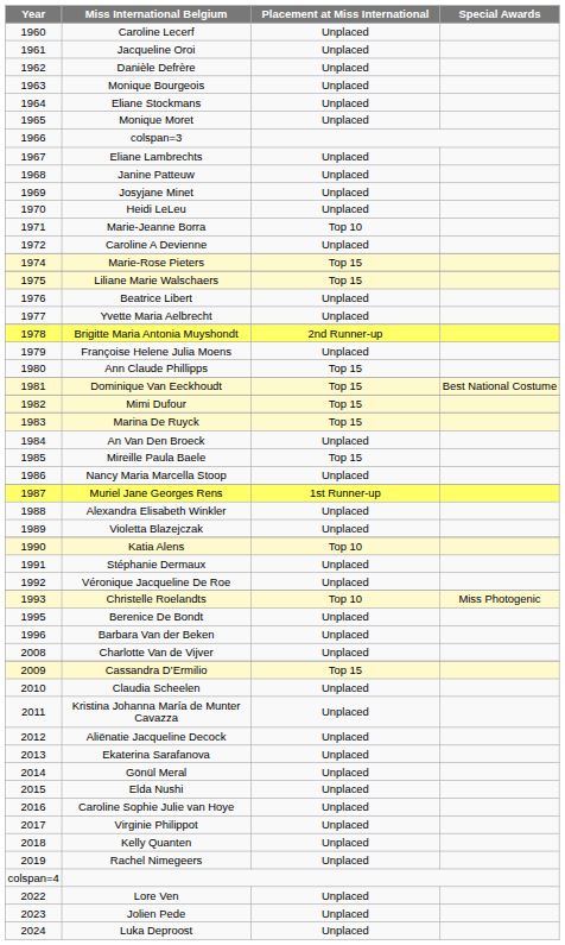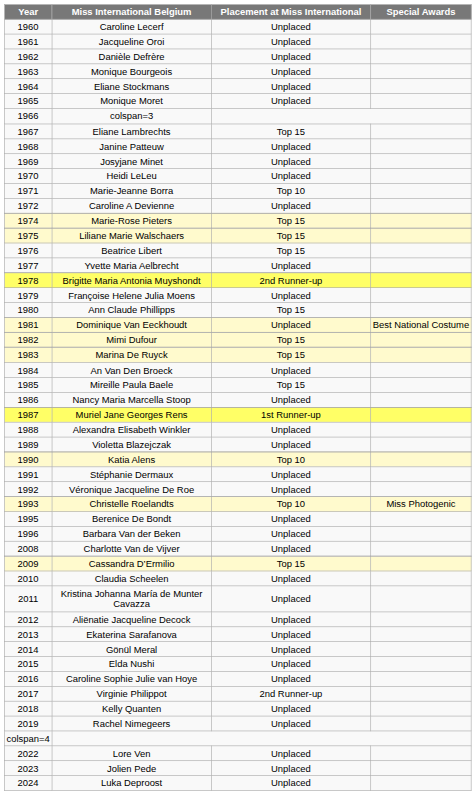 <table class="wikitable sortable" style="font-size: 95%; text-align:center">
 <tr>
 <th width="60" style="background-color:#787878;color:#FFFFFF;">Year</th>
 <th width="250" style="background-color:#787878;color:#FFFFFF;">Miss International Belgium</th>
 <th width="250" style="background-color:#787878;color:#FFFFFF;">Placement at Miss International</th>
 <th style="background-color:#787878;color:#FFFFFF;">Special Awards</th>
 </tr>
 <tr>
 <td>1960</td>
 <td>Caroline Lecerf</td>
 <td>Unplaced</td>
 <td></td>
 </tr>
 <tr>
 <td>1961</td>
 <td>Jacqueline Oroi</td>
 <td>Unplaced</td>
 <td></td>
 </tr>
 <tr>
 <td>1962</td>
 <td>Danièle Defrère</td>
 <td>Unplaced</td>
 <td></td>
 </tr>
 <tr>
 <td>1963</td>
 <td>Monique Bourgeois</td>
 <td>Unplaced</td>
 <td></td>
 </tr>
 <tr>
 <td>1964</td>
 <td>Eliane Stockmans</td>
 <td>Unplaced</td>
 <td></td>
 </tr>
 <tr>
 <td>1965</td>
 <td>Monique Moret</td>
 <td>Unplaced</td>
 <td></td>
 </tr>
 <tr>
 <td>1966</td>
 <td>colspan=3 </td>
 </tr>
 <tr>
 <td>1967</td>
 <td>Eliane Lambrechts</td>
-<td>Unplaced</td>
+<td>Top 15</td>
 <td></td>
 </tr>
 <tr>
 <td>1968</td>
 <td>Janine Patteuw</td>
 <td>Unplaced</td>
 <td></td>
 </tr>
 <tr>
 <td>1969</td>
 <td>Josyjane Minet</td>
 <td>Unplaced</td>
 <td></td>
 </tr>
 <tr>
 <td>1970</td>
 <td>Heidi LeLeu</td>
 <td>Unplaced</td>
 <td></td>
 </tr>
 <tr>
 <td>1971</td>
 <td>Marie-Jeanne Borra</td>
 <td>Top 10</td>
 <td></td>
 </tr>
 <tr>
 <td>1972</td>
 <td>Caroline A Devienne</td>
 <td>Unplaced</td>
 <td></td>
 </tr>
 <tr>
 </tr>
 <tr style="background-color:#FFFACD;">
 <td>1974</td>
 <td>Marie-Rose Pieters</td>
 <td>Top 15</td>
 <td></td>
 </tr>
 <tr>
 </tr>
 <tr style="background-color:#FFFACD;">
 <td>1975</td>
 <td>Liliane Marie Walschaers</td>
 <td>Top 15</td>
 <td></td>
 </tr>
 <tr>
 <td>1976</td>
 <td>Beatrice Libert</td>
-<td>Unplaced</td>
+<td>Top 15</td>
 <td></td>
 </tr>
 <tr>
 <td>1977</td>
 <td>Yvette Maria Aelbrecht</td>
 <td>Unplaced</td>
 <td></td>
 </tr>
 <tr>
 </tr>
 <tr style="background-color:#FFFF66;">
 <td>1978</td>
 <td>Brigitte Maria Antonia Muyshondt</td>
 <td>2nd Runner-up</td>
 <td></td>
 </tr>
 <tr>
 <td>1979</td>
 <td>Françoise Helene Julia Moens</td>
 <td>Unplaced</td>
 <td></td>
 </tr>
 <tr>
 <td>1980</td>
 <td>Ann Claude Phillipps</td>
 <td>Top 15</td>
 <td></td>
 </tr>
 <tr>
 </tr>
 <tr style="background-color:#FFFACD;">
 <td>1981</td>
 <td>Dominique Van Eeckhoudt</td>
-<td>Top 15</td>
+<td>Unplaced</td>
 <td>Best National Costume</td>
 </tr>
 <tr>
 </tr>
 <tr style="background-color:#FFFACD;">
 <td>1982</td>
 <td>Mimi Dufour</td>
 <td>Top 15</td>
 <td></td>
 </tr>
 <tr>
 </tr>
 <tr style="background-color:#FFFACD;">
 <td>1983</td>
 <td>Marina De Ruyck</td>
 <td>Top 15</td>
 <td></td>
 </tr>
 <tr>
 <td>1984</td>
 <td>An Van Den Broeck</td>
 <td>Unplaced</td>
 <td></td>
 </tr>
 <tr>
 <td>1985</td>
 <td>Mireille Paula Baele</td>
 <td>Top 15</td>
 <td></td>
 </tr>
 <tr>
 <td>1986</td>
 <td>Nancy Maria Marcella Stoop</td>
 <td>Unplaced</td>
 <td></td>
 </tr>
 <tr>
 </tr>
 <tr style="background-color:#FFFF66;">
 <td>1987</td>
 <td>Muriel Jane Georges Rens</td>
 <td>1st Runner-up</td>
 <td></td>
 </tr>
 <tr>
 <td>1988</td>
 <td>Alexandra Elisabeth Winkler</td>
 <td>Unplaced</td>
 <td></td>
 </tr>
 <tr>
 <td>1989</td>
 <td>Violetta Blazejczak</td>
 <td>Unplaced</td>
 <td></td>
 </tr>
 <tr>
 </tr>
 <tr style="background-color:#FFFACD;">
 <td>1990</td>
 <td>Katia Alens</td>
 <td>Top 10</td>
 <td></td>
 </tr>
 <tr>
 <td>1991</td>
 <td>Stéphanie Dermaux</td>
 <td>Unplaced</td>
 <td></td>
 </tr>
 <tr>
 <td>1992</td>
 <td>Véronique Jacqueline De Roe</td>
 <td>Unplaced</td>
 <td></td>
 </tr>
 <tr>
 </tr>
 <tr style="background-color:#FFFACD;">
 <td>1993</td>
 <td>Christelle Roelandts</td>
 <td>Top 10</td>
 <td>Miss Photogenic</td>
 </tr>
 <tr>
 <td>1995</td>
 <td>Berenice De Bondt</td>
 <td>Unplaced</td>
 <td></td>
 </tr>
 <tr>
 <td>1996</td>
 <td>Barbara Van der Beken</td>
 <td>Unplaced</td>
 <td></td>
 </tr>
 <tr>
 <td>2008</td>
 <td>Charlotte Van de Vijver</td>
 <td>Unplaced</td>
 <td></td>
 </tr>
 <tr>
 </tr>
 <tr style="background-color:#FFFACD;">
 <td>2009</td>
 <td>Cassandra D’Ermilio</td>
 <td>Top 15</td>
 <td></td>
 </tr>
 <tr>
 <td>2010</td>
 <td>Claudia Scheelen</td>
 <td>Unplaced</td>
 <td></td>
 </tr>
 <tr>
 <td>2011</td>
 <td>Kristina Johanna María de Munter Cavazza</td>
 <td>Unplaced</td>
 <td></td>
 </tr>
 <tr>
 <td>2012</td>
 <td>Aliënatie Jacqueline Decock</td>
 <td>Unplaced</td>
 <td></td>
 </tr>
 <tr>
 <td>2013</td>
 <td>Ekaterina Sarafanova</td>
 <td>Unplaced</td>
 <td></td>
 </tr>
 <tr>
 <td>2014</td>
 <td>Gönül Meral</td>
 <td>Unplaced</td>
 <td></td>
 </tr>
 <tr>
 <td>2015</td>
 <td>Elda Nushi</td>
 <td>Unplaced</td>
 <td></td>
 </tr>
 <tr>
 <td>2016</td>
 <td>Caroline Sophie Julie van Hoye</td>
 <td>Unplaced</td>
 <td></td>
 </tr>
 <tr>
 <td>2017</td>
 <td>Virginie Philippot</td>
-<td>Unplaced</td>
+<td>2nd Runner-up</td>
 <td></td>
 </tr>
 <tr>
 <td>2018</td>
 <td>Kelly Quanten</td>
 <td>Unplaced</td>
 <td></td>
 </tr>
 <tr>
 <td>2019</td>
 <td>Rachel Nimegeers</td>
 <td>Unplaced</td>
 <td></td>
 </tr>
 <tr>
 <td>colspan=4 </td>
 </tr>
 <tr>
 <td>2022</td>
 <td>Lore Ven</td>
 <td>Unplaced</td>
 <td></td>
 </tr>
 <tr>
 <td>2023</td>
 <td>Jolien Pede</td>
 <td>Unplaced</td>
 <td></td>
 </tr>
 <tr>
 <td>2024</td>
 <td>Luka Deproost</td>
 <td>Unplaced</td>
 <td></td>
 </tr>
 </table>
